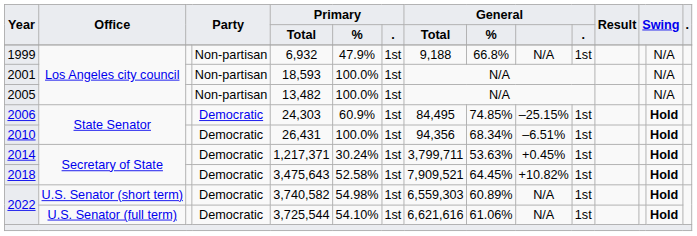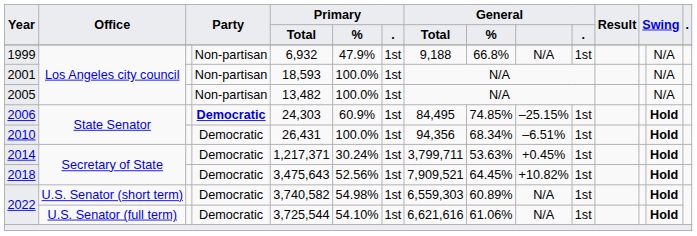 <table class="wikitable" style="font-size:90%; text-align:center;">
 <tr>
 <th style="background-color:#EAECF0;" rowspan=2>Year</th>
 <th style="background-color:#EAECF0;" rowspan=2>Office</th>
 <th style="background-color:#EAECF0;" colspan=2 rowspan=2>Party</th>
 <th style="background-color:#EAECF0;" colspan=3>Primary</th>
 <th style="background-color:#EAECF0;" colspan=4>General</th>
 <th style="background-color:#EAECF0;" rowspan=2>Result</th>
 <th style="background-color:#EAECF0;" colspan=2 rowspan=2><a href='#'>Swing</a></th>
 <th style="background-color:#EAECF0;" rowspan=2>.</th>
 </tr>
 <tr>
 <th style="background-color:#EAECF0;">Total</th>
 <th style="background-color:#EAECF0;">%</th>
 <th style="background-color:#EAECF0;">.</th>
 <th style="background-color:#EAECF0;">Total</th>
 <th style="background-color:#EAECF0;">%</th>
 <th style="background-color:#EAECF0;"></th>
 <th style="background-color:#EAECF0;">.</th>
 </tr>
 <tr>
 </tr>
 <tr>
 <td style="background-color:#EAECF0;">1999</td>
 <td rowspan=3><a href='#'>Los Angeles city council</a></td>
 <td style="background-color:"></td>
 <td>Non-partisan</td>
 <td>6,932</td>
 <td>47.9%</td>
 <td>1st</td>
 <td>9,188</td>
 <td>66.8%</td>
 <td>N/A</td>
 <td>1st</td>
 <td></td>
 <td style="background-color:"></td>
 <td>N/A</td>
 <td></td>
 </tr>
 <tr>
 <td style="background-color:#EAECF0;">2001</td>
 <td style="background-color:"></td>
 <td>Non-partisan</td>
 <td>18,593</td>
 <td>100.0%</td>
 <td>1st</td>
 <td colspan=4>N/A</td>
 <td></td>
 <td style="background-color:"></td>
 <td>N/A</td>
 <td></td>
 </tr>
 <tr>
 <td style="background-color:#EAECF0;">2005</td>
 <td style="background-color:"></td>
 <td>Non-partisan</td>
 <td>13,482</td>
 <td>100.0%</td>
 <td>1st</td>
 <td colspan=4>N/A</td>
 <td></td>
 <td style="background-color:"></td>
 <td>N/A</td>
 <td></td>
 </tr>
 <tr>
 <td style="background-color:#EAECF0;"><a href='#'>2006</a></td>
 <td rowspan=2><a href='#'>State Senator</a></td>
 <td style="background-color:"></td>
-<td><a href='#'>Democratic</a></td>
+<td><strong><a href='#'>Democratic</a></strong></td>
 <td>24,303</td>
 <td>60.9%</td>
 <td>1st</td>
 <td>84,495</td>
 <td>74.85%</td>
 <td>–25.15%</td>
 <td>1st</td>
 <td></td>
 <td style="background-color:"></td>
 <td><strong>Hold</strong></td>
 <td></td>
 </tr>
 <tr>
 <td style="background-color:#EAECF0;"><a href='#'>2010</a></td>
 <td style="background-color:"></td>
 <td>Democratic</td>
 <td>26,431</td>
 <td>100.0%</td>
 <td>1st</td>
 <td>94,356</td>
 <td>68.34%</td>
 <td>–6.51%</td>
 <td>1st</td>
 <td></td>
 <td style="background-color:"></td>
 <td><strong>Hold</strong></td>
 <td></td>
 </tr>
 <tr>
 <td style="background-color:#EAECF0;"><a href='#'>2014</a></td>
 <td rowspan=2><a href='#'>Secretary of State</a></td>
 <td style="background-color:"></td>
 <td>Democratic</td>
 <td>1,217,371</td>
 <td>30.24%</td>
 <td>1st</td>
 <td>3,799,711</td>
 <td>53.63%</td>
 <td>+0.45%</td>
 <td>1st</td>
 <td></td>
 <td style="background-color:"></td>
 <td><strong>Hold</strong></td>
 <td></td>
 </tr>
 <tr>
 <td style="background-color:#EAECF0;"><a href='#'>2018</a></td>
 <td style="background-color:"></td>
 <td>Democratic</td>
 <td>3,475,643</td>
-<td>52.58%</td>
+<td>52.56%</td>
 <td>1st</td>
 <td>7,909,521</td>
 <td>64.45%</td>
 <td>+10.82%</td>
 <td>1st</td>
 <td></td>
 <td style="background-color:"></td>
 <td><strong>Hold</strong></td>
 <td></td>
 </tr>
 <tr>
 <td style="background-color:#EAECF0;" rowspan=2><a href='#'>2022</a></td>
 <td><a href='#'>U.S. Senator (short term)</a></td>
 <td style="background-color:"></td>
 <td>Democratic</td>
 <td>3,740,582</td>
 <td>54.98%</td>
 <td>1st</td>
 <td>6,559,303</td>
 <td>60.89%</td>
 <td>N/A</td>
 <td>1st</td>
 <td></td>
 <td style="background-color:"></td>
 <td><strong>Hold</strong></td>
 <td rowspan=2></td>
 </tr>
 <tr>
 <td><a href='#'>U.S. Senator (full term)</a></td>
 <td style="background-color:"></td>
 <td>Democratic</td>
 <td>3,725,544</td>
 <td>54.10%</td>
 <td>1st</td>
 <td>6,621,616</td>
 <td>61.06%</td>
 <td>N/A</td>
 <td>1st</td>
 <td></td>
 <td style="background-color:"></td>
 <td><strong>Hold</strong></td>
 </tr>
 <tr>
 <td style="background-color:#EAECF0;" colspan=15></td>
 </tr>
 </table>
